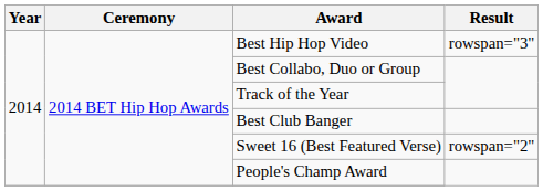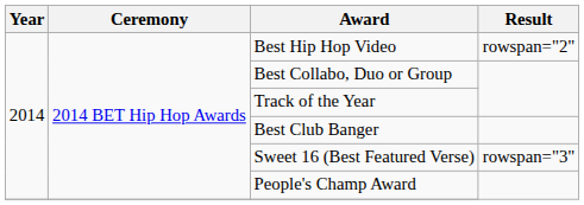 <table class="wikitable">
 <tr>
 <th>Year</th>
 <th>Ceremony</th>
 <th>Award</th>
 <th>Result</th>
 </tr>
 <tr>
 <td rowspan="6">2014</td>
 <td rowspan="6"><a href='#'>2014 BET Hip Hop Awards</a></td>
 <td>Best Hip Hop Video</td>
-<td>rowspan="3" </td>
+<td>rowspan="2" </td>
 </tr>
 <tr>
 <td>Best Collabo, Duo or Group</td>
 </tr>
 <tr>
 <td>Track of the Year</td>
 </tr>
 <tr>
 <td>Best Club Banger</td>
 <td></td>
 </tr>
 <tr>
 <td>Sweet 16 (Best Featured Verse)</td>
-<td>rowspan="2" </td>
+<td>rowspan="3" </td>
 </tr>
 <tr>
 <td>People's Champ Award</td>
 </tr>
 <tr>
 </tr>
 </table>
